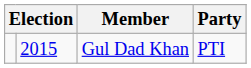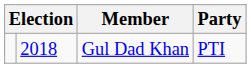 <table class="wikitable">
 <tr>
 <th colspan="2">Election</th>
 <th>Member</th>
 <th>Party</th>
 </tr>
 <tr>
 <td style="background-color: "></td>
-<td><a href='#'>2015</a></td>
+<td><a href='#'>2018</a></td>
 <td><a href='#'>Gul Dad Khan</a></td>
 <td><a href='#'>PTI</a></td>
 </tr>
 </table>
